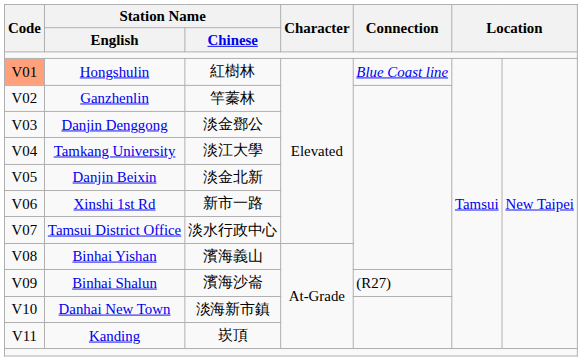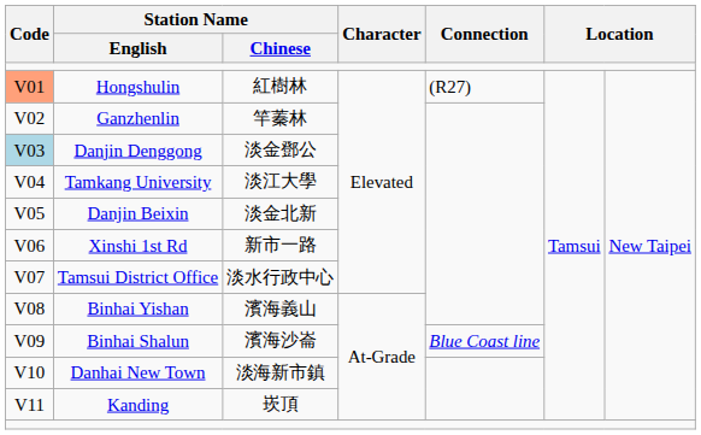 <table class=wikitable style="text-align:center;">
 <tr>
 <th rowspan=2>Code</th>
 <th colspan=2>Station Name</th>
 <th rowspan=2>Character</th>
 <th rowspan=2>Connection</th>
 <th rowspan=2 colspan=2>Location</th>
 </tr>
 <tr>
 <th>English</th>
 <th><a href='#'>Chinese</a></th>
 </tr>
 <tr>
 <td colspan=7></td>
 </tr>
 <tr>
 <td style="background: lightsalmon; color:#">V01</td>
 <td><a href='#'>Hongshulin</a></td>
 <td><span>紅樹林</span></td>
 <td rowspan=7>Elevated</td>
-<td><em><a href='#'>Blue Coast line</a></em></td>
+<td align=left> (R27)</td>
 <td rowspan=11><a href='#'>Tamsui</a></td>
 <td rowspan=11><a href='#'>New Taipei</a></td>
 </tr>
 <tr>
 <td style="color:#">V02</td>
 <td><a href='#'>Ganzhenlin</a></td>
 <td><span>竿蓁林</span></td>
 <td rowspan=7></td>
 </tr>
 <tr>
-<td style="color:#">V03</td>
+<td style="background: lightblue; color:#">V03</td>
 <td><a href='#'>Danjin Denggong</a></td>
 <td><span>淡金鄧公</span></td>
 </tr>
 <tr>
 <td style="color:#">V04</td>
 <td><a href='#'>Tamkang University</a></td>
 <td><span>淡江大學</span></td>
 </tr>
 <tr>
 <td style="color:#">V05</td>
 <td><a href='#'>Danjin Beixin</a></td>
 <td><span>淡金北新</span></td>
 </tr>
 <tr>
 <td style="color:#">V06</td>
 <td><a href='#'>Xinshi 1st Rd</a></td>
 <td><span>新市一路</span></td>
 </tr>
 <tr>
 <td style="color:#">V07</td>
 <td><a href='#'>Tamsui District Office</a></td>
 <td><span>淡水行政中心</span></td>
 </tr>
 <tr>
 <td style="color:#">V08</td>
 <td><a href='#'>Binhai Yishan</a></td>
 <td><span>濱海義山</span></td>
 <td rowspan=4>At-Grade</td>
 </tr>
 <tr>
 <td style="color:#">V09</td>
 <td><a href='#'>Binhai Shalun</a></td>
 <td><span>濱海沙崙</span></td>
-<td align=left> (R27)</td>
+<td><em><a href='#'>Blue Coast line</a></em></td>
 </tr>
 <tr>
 <td style="color:#">V10</td>
 <td><a href='#'>Danhai New Town</a></td>
 <td><span>淡海新市鎮</span></td>
 <td rowspan=2></td>
 </tr>
 <tr>
 <td style="color:#">V11</td>
 <td><a href='#'>Kanding</a></td>
 <td><span>崁頂</span></td>
 </tr>
 <tr>
 <td colspan=7></td>
 </tr>
 </table>
